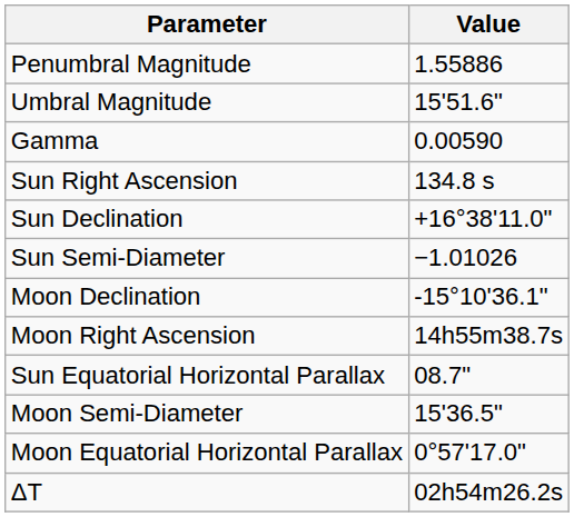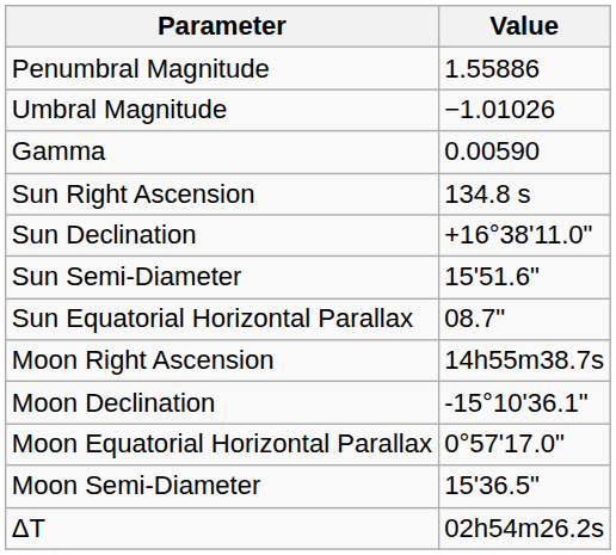 <table class="wikitable">
 <tr>
 <th>Parameter</th>
 <th>Value</th>
 </tr>
 <tr>
 <td>Penumbral Magnitude</td>
 <td>1.55886</td>
 </tr>
 <tr>
 <td>Umbral Magnitude</td>
-<td>15'51.6"</td>
+<td>−1.01026</td>
 </tr>
 <tr>
 <td>Gamma</td>
 <td>0.00590</td>
 </tr>
 <tr>
 <td>Sun Right Ascension</td>
 <td>134.8 s</td>
 </tr>
 <tr>
 <td>Sun Declination</td>
 <td>+16°38'11.0"</td>
 </tr>
 <tr>
 <td>Sun Semi-Diameter</td>
-<td>−1.01026</td>
+<td>15'51.6"</td>
+</tr>
+<tr>
+<td>Sun Equatorial Horizontal Parallax</td>
+<td>08.7"</td>
+</tr>
+<tr>
+<td>Moon Right Ascension</td>
+<td>14h55m38.7s</td>
 </tr>
 <tr>
 <td>Moon Declination</td>
 <td>-15°10'36.1"</td>
 </tr>
 <tr>
-<td>Moon Right Ascension</td>
-<td>14h55m38.7s</td>
-</tr>
-<tr>
-<td>Sun Equatorial Horizontal Parallax</td>
-<td>08.7"</td>
+<td>Moon Equatorial Horizontal Parallax</td>
+<td>0°57'17.0"</td>
 </tr>
 <tr>
 <td>Moon Semi-Diameter</td>
 <td>15'36.5"</td>
 </tr>
 <tr>
-<td>Moon Equatorial Horizontal Parallax</td>
-<td>0°57'17.0"</td>
-</tr>
-<tr>
 <td>ΔT</td>
 <td>02h54m26.2s</td>
 </tr>
 </table>
